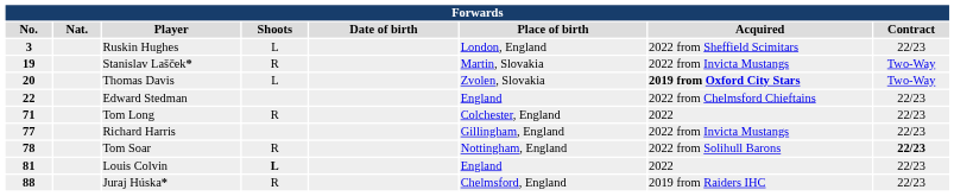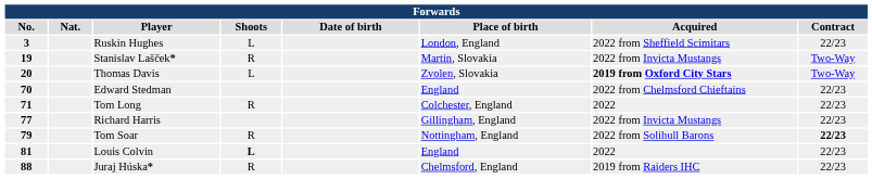 <table class="toccolours"  style="width:97%; clear:both; margin:1.5em auto; text-align:center;">
 <tr style="background:#ddd;">
 <th colspan="11" style="background:#173d6b; color:white;”">Forwards</th>
 </tr>
 <tr style="background:#ddd;">
 <th width=5%>No.</th>
 <th width=5%>Nat.</th>
 <th !width=22%>Player</th>
 <th width=7%>Shoots</th>
 <th width=16%>Date of birth</th>
 <th width=20%>Place of birth</th>
 <th width=24%>Acquired</th>
 <td><strong>Contract</strong></td>
 </tr>
 <tr style="background:#eee;">
 <td><strong>3</strong></td>
 <td></td>
 <td align=left>Ruskin Hughes</td>
 <td>L</td>
 <td align=left></td>
 <td align=left><a href='#'>London</a>, England</td>
 <td align=left>2022 from <a href='#'>Sheffield Scimitars</a></td>
 <td>22/23</td>
 </tr>
 <tr style="background:#eee;">
 <td><strong>19</strong></td>
 <td></td>
 <td align=left>Stanislav Lašček<strong>*</strong></td>
 <td>R</td>
 <td align=left></td>
 <td align=left><a href='#'>Martin</a>, Slovakia</td>
 <td align=left>2022 from <a href='#'>Invicta Mustangs</a></td>
 <td><a href='#'>Two-Way</a></td>
 </tr>
 <tr style="background:#eee;">
 <td><strong>20</strong></td>
 <td></td>
 <td align=left>Thomas Davis</td>
 <td>L</td>
 <td align=left></td>
 <td align=left><a href='#'>Zvolen</a>, Slovakia</td>
 <td align=left><strong>2019 from <a href='#'>Oxford City Stars</a></strong></td>
 <td><a href='#'>Two-Way</a></td>
 </tr>
 <tr style="background:#eee;">
-<td><strong>22</strong></td>
+<td><strong>70</strong></td>
 <td></td>
 <td align=left>Edward Stedman</td>
 <td></td>
 <td align=left></td>
 <td align=left><a href='#'>England</a></td>
 <td align=left>2022 from <a href='#'>Chelmsford Chieftains</a></td>
 <td>22/23</td>
 </tr>
 <tr style="background:#eee;">
 <td><strong>71</strong></td>
 <td></td>
 <td align=left>Tom Long</td>
 <td>R</td>
 <td align=left></td>
 <td align=left><a href='#'>Colchester</a>, England</td>
 <td align=left>2022</td>
 <td>22/23</td>
 </tr>
 <tr style="background:#eee;">
 <td><strong>77</strong></td>
 <td></td>
 <td align=left>Richard Harris</td>
 <td></td>
 <td align=left></td>
 <td align=left><a href='#'>Gillingham</a>, England</td>
 <td align=left>2022 from <a href='#'>Invicta Mustangs</a></td>
 <td>22/23</td>
 </tr>
 <tr style="background:#eee;">
-<td><strong>78</strong></td>
+<td><strong>79</strong></td>
 <td></td>
 <td align=left>Tom Soar</td>
 <td>R</td>
 <td align=left></td>
 <td align=left><a href='#'>Nottingham</a>, England</td>
 <td align=left>2022 from <a href='#'>Solihull Barons</a></td>
 <td><strong>22/23</strong></td>
 </tr>
 <tr style="background:#eee;">
 <td><strong>81</strong></td>
 <td></td>
 <td align=left>Louis Colvin</td>
 <td><strong>L</strong></td>
 <td align=left></td>
 <td align=left><a href='#'>England</a></td>
 <td align=left>2022</td>
 <td>22/23</td>
 </tr>
 <tr style="background:#eee;">
 <td><strong>88</strong></td>
 <td></td>
 <td align=left>Juraj Húska<strong>*</strong></td>
 <td>R</td>
 <td align=left></td>
 <td align=left><a href='#'>Chelmsford</a>, England</td>
 <td align=left>2019 from <a href='#'>Raiders IHC</a></td>
 <td>22/23</td>
 </tr>
 </table>
